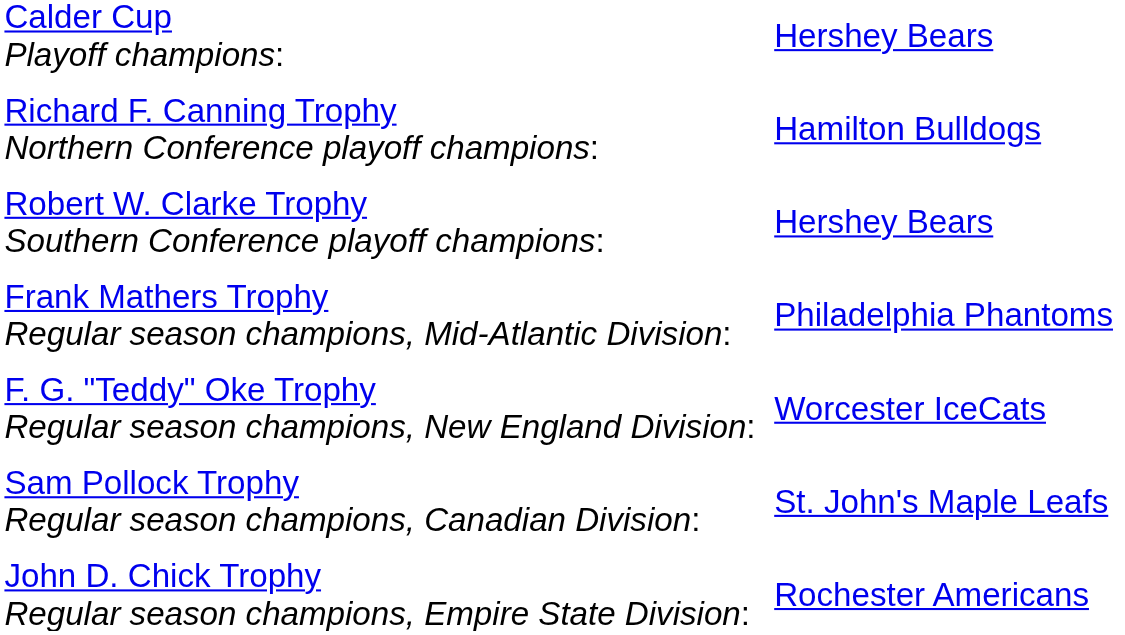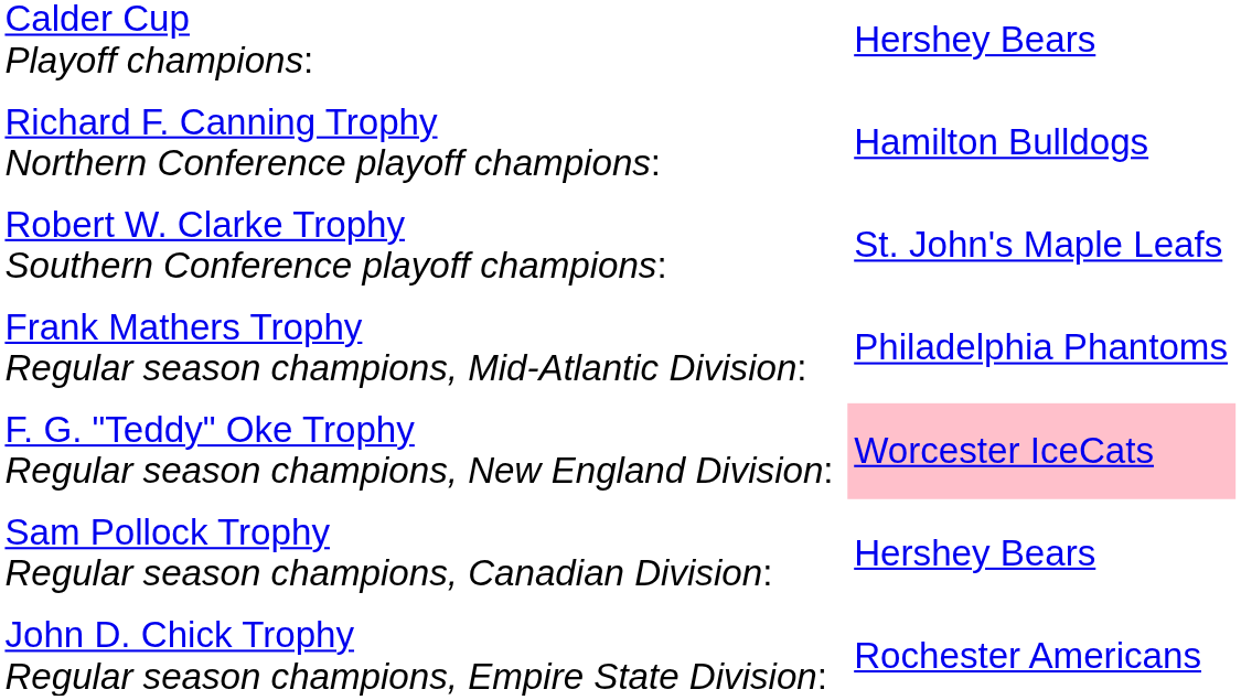 <table cellpadding="3" cellspacing="3">
 <tr>
 <td><a href='#'>Calder Cup</a><br><em>Playoff champions</em>:</td>
 <td><a href='#'>Hershey Bears</a></td>
 </tr>
 <tr>
 <td><a href='#'>Richard F. Canning Trophy</a><br><em>Northern Conference playoff champions</em>:</td>
 <td><a href='#'>Hamilton Bulldogs</a></td>
 </tr>
 <tr>
 <td><a href='#'>Robert W. Clarke Trophy</a><br><em>Southern Conference playoff champions</em>:</td>
-<td><a href='#'>Hershey Bears</a></td>
+<td><a href='#'>St. John's Maple Leafs</a></td>
 </tr>
 <tr>
 <td><a href='#'>Frank Mathers Trophy</a><br><em>Regular season champions, Mid-Atlantic Division</em>:</td>
 <td><a href='#'>Philadelphia Phantoms</a></td>
 </tr>
 <tr>
 <td><a href='#'>F. G. "Teddy" Oke Trophy</a><br><em>Regular season champions, New England Division</em>:</td>
-<td><a href='#'>Worcester IceCats</a></td>
+<td style="background: pink;"><a href='#'>Worcester IceCats</a></td>
 </tr>
 <tr>
 <td><a href='#'>Sam Pollock Trophy</a><br><em>Regular season champions, Canadian Division</em>:</td>
-<td><a href='#'>St. John's Maple Leafs</a></td>
+<td><a href='#'>Hershey Bears</a></td>
 </tr>
 <tr>
 <td><a href='#'>John D. Chick Trophy</a><br><em>Regular season champions, Empire State Division</em>:</td>
 <td><a href='#'>Rochester Americans</a></td>
 </tr>
 </table>
